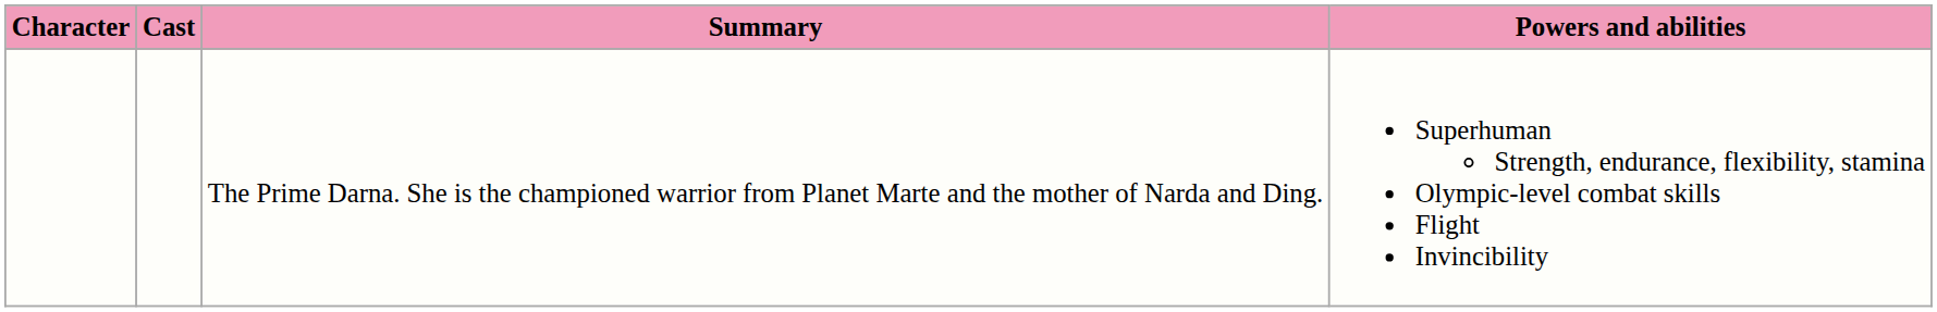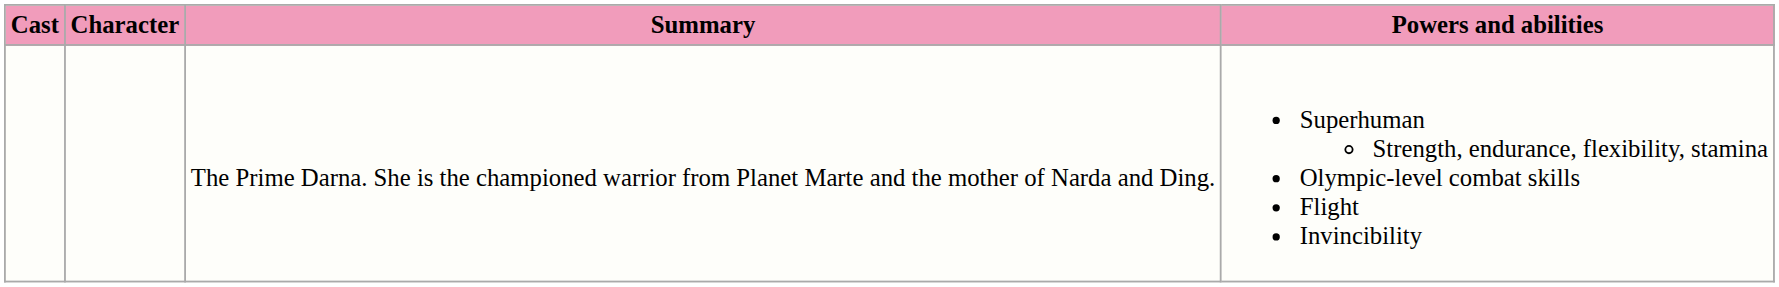 <table class="wikitable" style=" background:#FEFEFA; font-size: 85%;">
 <tr>
+<th style="background:#F19CBB;">Cast</th>
 <th style="background:#F19CBB; ">Character</th>
-<th style="background:#F19CBB;">Cast</th>
 <th style="background:#F19CBB;">Summary</th>
 <th style="background:#F19CBB;">Powers and abilities</th>
 </tr>
 <tr>
 <td></td>
 <td></td>
 <td><br>The Prime Darna. She is the championed warrior from Planet Marte and the mother of Narda and Ding.</td>
 <td><br><ul><li>Superhuman<ul><li>Strength, endurance, flexibility, stamina</li></ul></li><li>Olympic-level combat skills</li><li>Flight</li><li>Invincibility</li></ul></td>
 </tr>
 </table>
